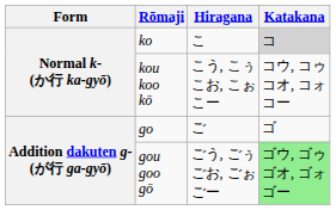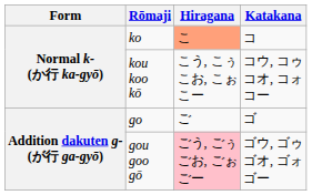 <table class="wikitable">
 <tr>
 <th>Form</th>
 <th><a href='#'>Rōmaji</a></th>
 <th><a href='#'>Hiragana</a></th>
 <th><a href='#'>Katakana</a></th>
 </tr>
 <tr>
 <th rowspan="2">Normal <em>k-</em><br>(か行 <em>ka-gyō</em>)</th>
 <td><em>ko</em></td>
-<td>こ</td>
-<td style="background: lightgrey;">コ</td>
+<td style="background: lightsalmon;">こ</td>
+<td>コ</td>
 </tr>
 <tr>
 <td><em>kou</em><br><em>koo</em><br><em>kō</em></td>
 <td>こう, こぅ<br>こお, こぉ<br>こー</td>
 <td>コウ, コゥ<br>コオ, コォ<br>コー</td>
 </tr>
 <tr>
 <th rowspan="2">Addition <a href='#'>dakuten</a> <em>g-</em><br>(が行 <em>ga-gyō</em>)</th>
 <td><em>go</em></td>
 <td>ご</td>
 <td>ゴ</td>
 </tr>
 <tr>
 <td><em>gou</em><br><em>goo</em><br><em>gō</em></td>
-<td>ごう, ごぅ<br>ごお, ごぉ<br>ごー</td>
-<td style="background: lightgreen;">ゴウ, ゴゥ<br>ゴオ, ゴォ<br>ゴー</td>
+<td style="background: pink;">ごう, ごぅ<br>ごお, ごぉ<br>ごー</td>
+<td>ゴウ, ゴゥ<br>ゴオ, ゴォ<br>ゴー</td>
 </tr>
 </table>
